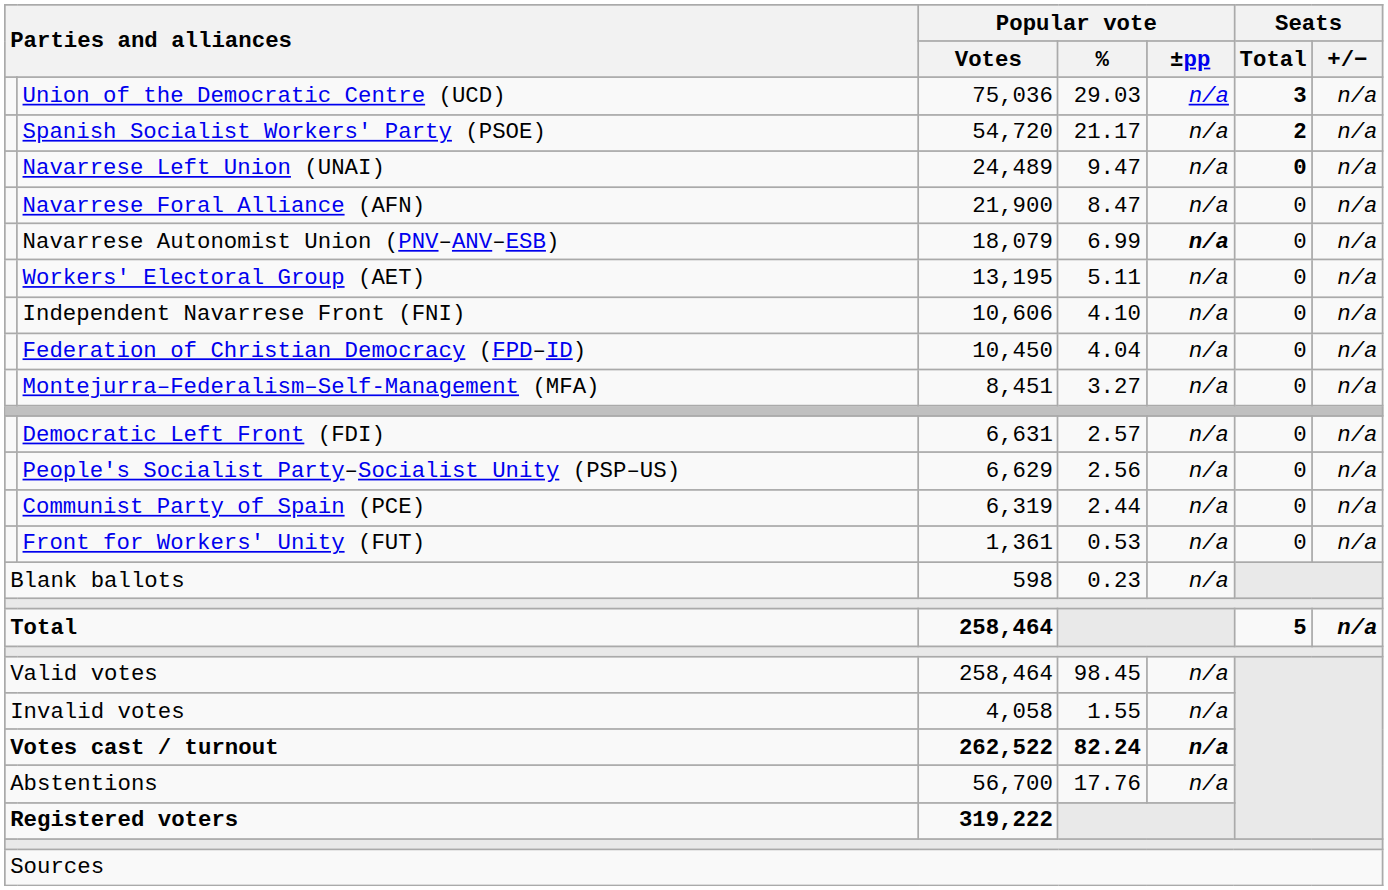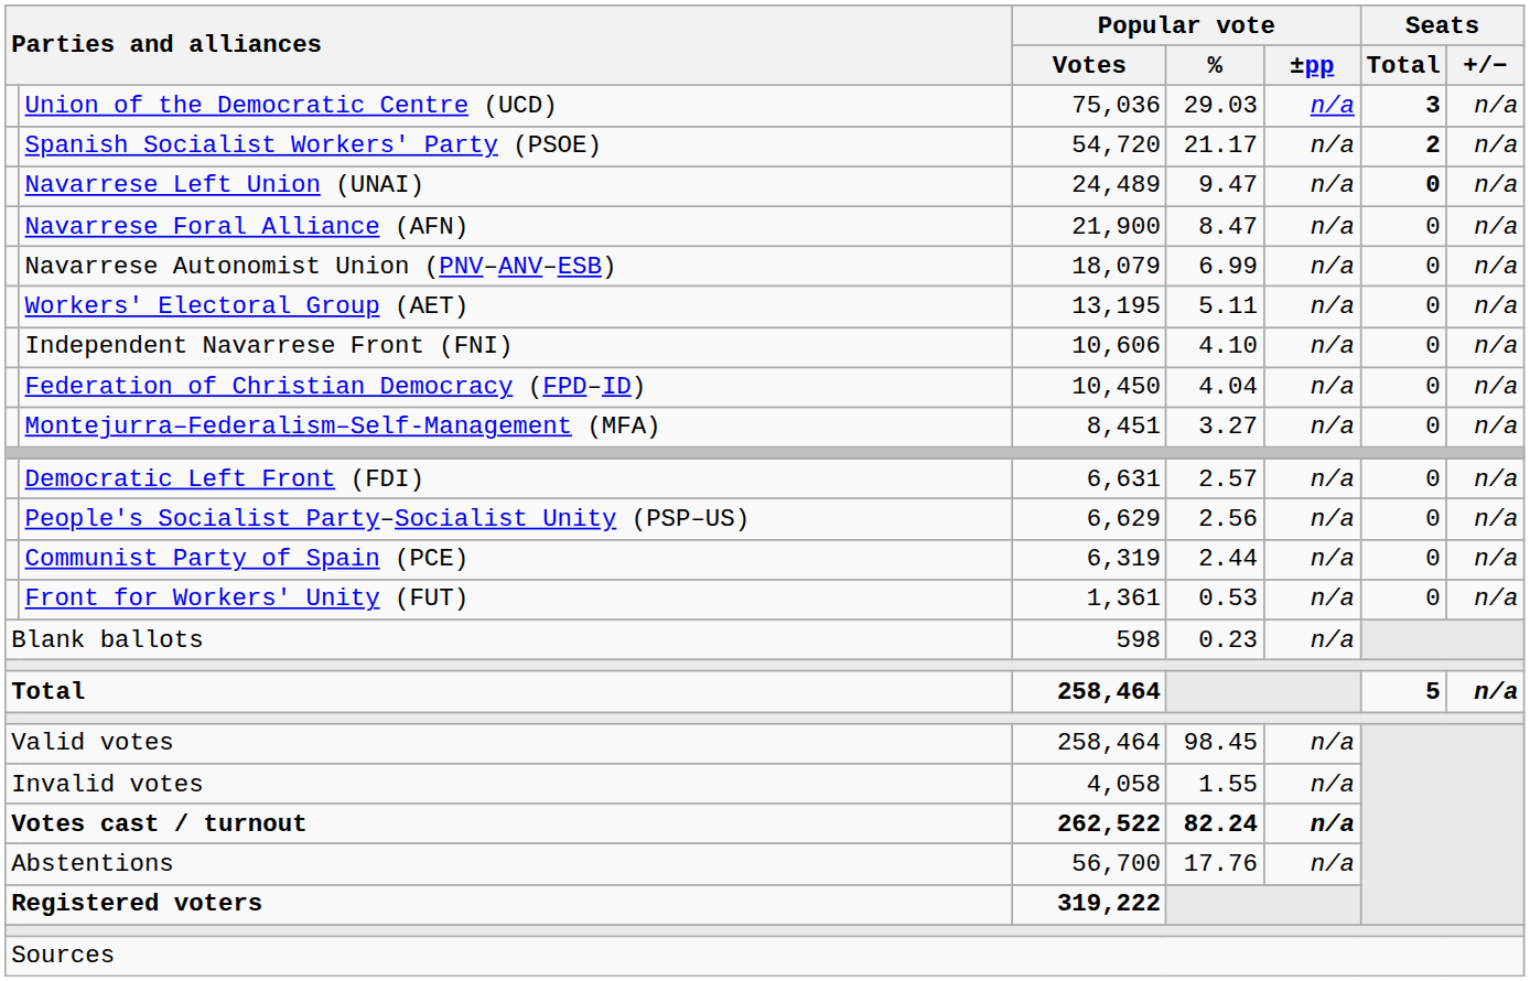 <table class="wikitable" style="text-align:right;">
 <tr>
 <th style="text-align:left;" rowspan="2" colspan="2" width="525">Parties and alliances</th>
 <th colspan="3">Popular vote</th>
 <th colspan="2">Seats</th>
 </tr>
 <tr>
 <th width="75">Votes</th>
 <th width="45">%</th>
 <th width="45">±<a href='#'>pp</a></th>
 <th width="35">Total</th>
 <th width="35">+/−</th>
 </tr>
 <tr>
 <td width="1" style="color:inherit;background:"></td>
 <td align="left"><a href='#'>Union of the Democratic Centre</a> (UCD)</td>
 <td>75,036</td>
 <td>29.03</td>
 <td><em><a href='#'>n/a</a></em></td>
 <td><strong>3</strong></td>
 <td><em>n/a</em></td>
 </tr>
 <tr>
 <td style="color:inherit;background:"></td>
 <td align="left"><a href='#'>Spanish Socialist Workers' Party</a> (PSOE)</td>
 <td>54,720</td>
 <td>21.17</td>
 <td><em>n/a</em></td>
 <td><strong>2</strong></td>
 <td><em>n/a</em></td>
 </tr>
 <tr>
 <td style="color:inherit;background:"></td>
 <td align="left"><a href='#'>Navarrese Left Union</a> (UNAI)</td>
 <td>24,489</td>
 <td>9.47</td>
 <td><em>n/a</em></td>
 <td><strong>0</strong></td>
 <td><em>n/a</em></td>
 </tr>
 <tr>
 <td style="color:inherit;background:"></td>
 <td align="left"><a href='#'>Navarrese Foral Alliance</a> (AFN)</td>
 <td>21,900</td>
 <td>8.47</td>
 <td><em>n/a</em></td>
 <td>0</td>
 <td><em>n/a</em></td>
 </tr>
 <tr>
 <td style="color:inherit;background:"></td>
 <td align="left">Navarrese Autonomist Union (<a href='#'>PNV</a>–<a href='#'>ANV</a>–<a href='#'>ESB</a>)</td>
 <td>18,079</td>
 <td>6.99</td>
-<td><strong><em>n/a</em></strong></td>
+<td><em>n/a</em></td>
 <td>0</td>
 <td><em>n/a</em></td>
 </tr>
 <tr>
 <td style="color:inherit;background:"></td>
 <td align="left"><a href='#'>Workers' Electoral Group</a> (AET)</td>
 <td>13,195</td>
 <td>5.11</td>
 <td><em>n/a</em></td>
 <td>0</td>
 <td><em>n/a</em></td>
 </tr>
 <tr>
 <td style="color:inherit;background:"></td>
 <td align="left">Independent Navarrese Front (FNI)</td>
 <td>10,606</td>
 <td>4.10</td>
 <td><em>n/a</em></td>
 <td>0</td>
 <td><em>n/a</em></td>
 </tr>
 <tr>
 <td style="color:inherit;background:"></td>
 <td align="left"><a href='#'>Federation of Christian Democracy</a> (<a href='#'>FPD</a>–<a href='#'>ID</a>)</td>
 <td>10,450</td>
 <td>4.04</td>
 <td><em>n/a</em></td>
 <td>0</td>
 <td><em>n/a</em></td>
 </tr>
 <tr>
 <td style="color:inherit;background:"></td>
 <td align="left"><a href='#'>Montejurra–Federalism–Self-Management</a> (MFA)</td>
 <td>8,451</td>
 <td>3.27</td>
 <td><em>n/a</em></td>
 <td>0</td>
 <td><em>n/a</em></td>
 </tr>
 <tr>
 <td colspan="7" bgcolor="#C0C0C0"></td>
 </tr>
 <tr>
 <td style="color:inherit;background:"></td>
 <td align="left"><a href='#'>Democratic Left Front</a> (FDI)</td>
 <td>6,631</td>
 <td>2.57</td>
 <td><em>n/a</em></td>
 <td>0</td>
 <td><em>n/a</em></td>
 </tr>
 <tr>
 <td style="color:inherit;background:"></td>
 <td align="left"><a href='#'>People's Socialist Party</a>–<a href='#'>Socialist Unity</a> (PSP–US)</td>
 <td>6,629</td>
 <td>2.56</td>
 <td><em>n/a</em></td>
 <td>0</td>
 <td><em>n/a</em></td>
 </tr>
 <tr>
 <td style="color:inherit;background:"></td>
 <td align="left"><a href='#'>Communist Party of Spain</a> (PCE)</td>
 <td>6,319</td>
 <td>2.44</td>
 <td><em>n/a</em></td>
 <td>0</td>
 <td><em>n/a</em></td>
 </tr>
 <tr>
 <td style="color:inherit;background:"></td>
 <td align="left"><a href='#'>Front for Workers' Unity</a> (FUT)</td>
 <td>1,361</td>
 <td>0.53</td>
 <td><em>n/a</em></td>
 <td>0</td>
 <td><em>n/a</em></td>
 </tr>
 <tr>
 <td align="left" colspan="2">Blank ballots</td>
 <td>598</td>
 <td>0.23</td>
 <td><em>n/a</em></td>
 <td bgcolor="#E9E9E9" colspan="2"></td>
 </tr>
 <tr>
 <td colspan="7" bgcolor="#E9E9E9"></td>
 </tr>
 <tr style="font-weight:bold;">
 <td align="left" colspan="2">Total</td>
 <td>258,464</td>
 <td bgcolor="#E9E9E9" colspan="2"></td>
 <td>5</td>
 <td><em>n/a</em></td>
 </tr>
 <tr>
 <td colspan="7" bgcolor="#E9E9E9"></td>
 </tr>
 <tr>
 <td align="left" colspan="2">Valid votes</td>
 <td>258,464</td>
 <td>98.45</td>
 <td><em>n/a</em></td>
 <td bgcolor="#E9E9E9" colspan="2" rowspan="5"></td>
 </tr>
 <tr>
 <td align="left" colspan="2">Invalid votes</td>
 <td>4,058</td>
 <td>1.55</td>
 <td><em>n/a</em></td>
 </tr>
 <tr style="font-weight:bold;">
 <td align="left" colspan="2">Votes cast / turnout</td>
 <td>262,522</td>
 <td>82.24</td>
 <td><em>n/a</em></td>
 </tr>
 <tr>
 <td align="left" colspan="2">Abstentions</td>
 <td>56,700</td>
 <td>17.76</td>
 <td><em>n/a</em></td>
 </tr>
 <tr style="font-weight:bold;">
 <td align="left" colspan="2">Registered voters</td>
 <td>319,222</td>
 <td bgcolor="#E9E9E9" colspan="2"></td>
 </tr>
 <tr>
 <td colspan="7" bgcolor="#E9E9E9"></td>
 </tr>
 <tr>
 <td align="left" colspan="7">Sources</td>
 </tr>
 </table>
